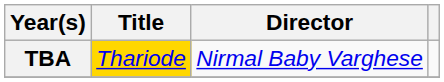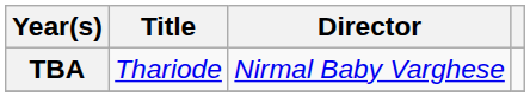 <table class="wikitable plainrowheaders">
 <tr>
 <th scope="col">Year(s)</th>
 <th scope="col">Title</th>
 <th scope="col">Director</th>
 <th scope="col" class="unsortable"></th>
 </tr>
 <tr>
 <th scope="row">TBA</th>
-<td style="background: gold;"><em><a href='#'>Thariode</a></em></td>
+<td><em><a href='#'>Thariode</a></em></td>
 <td><em><a href='#'>Nirmal Baby Varghese</a></em></td>
 <td style="text-align:center;"></td>
 </tr>
 <tr>
 </tr>
 </table>
